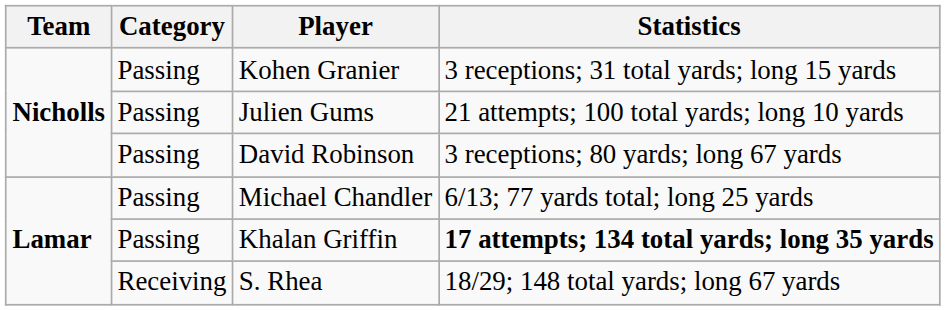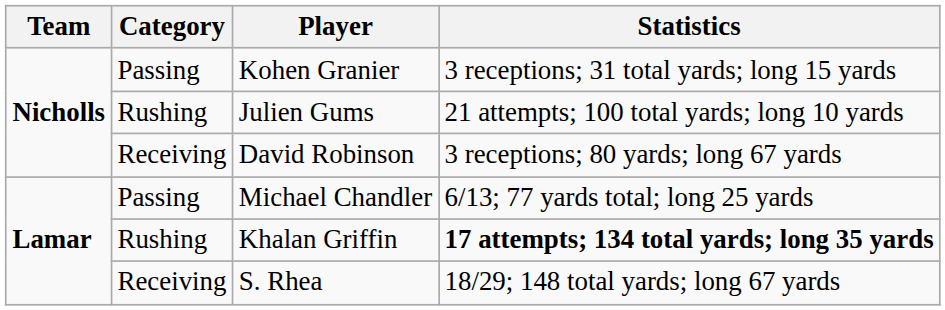 <table class="wikitable" style="float: right;">
 <tr>
 <th>Team</th>
 <th>Category</th>
 <th>Player</th>
 <th>Statistics</th>
 </tr>
 <tr>
 <td rowspan=3><strong>Nicholls</strong></td>
 <td>Passing</td>
 <td>Kohen Granier</td>
 <td>3 receptions; 31 total yards; long 15 yards</td>
 </tr>
 <tr>
-<td>Passing</td>
+<td>Rushing</td>
 <td>Julien Gums</td>
 <td>21 attempts; 100 total yards; long 10 yards</td>
 </tr>
 <tr>
-<td>Passing</td>
+<td>Receiving</td>
 <td>David Robinson</td>
 <td>3 receptions; 80 yards; long 67 yards</td>
 </tr>
 <tr>
 <td rowspan=3><strong>Lamar</strong></td>
 <td>Passing</td>
 <td>Michael Chandler</td>
 <td>6/13; 77 yards total; long 25 yards</td>
 </tr>
 <tr>
-<td>Passing</td>
+<td>Rushing</td>
 <td>Khalan Griffin</td>
 <td><strong>17 attempts; 134 total yards; long 35 yards</strong></td>
 </tr>
 <tr>
 <td>Receiving</td>
 <td>S. Rhea</td>
 <td>18/29; 148 total yards; long 67 yards</td>
 </tr>
 </table>
